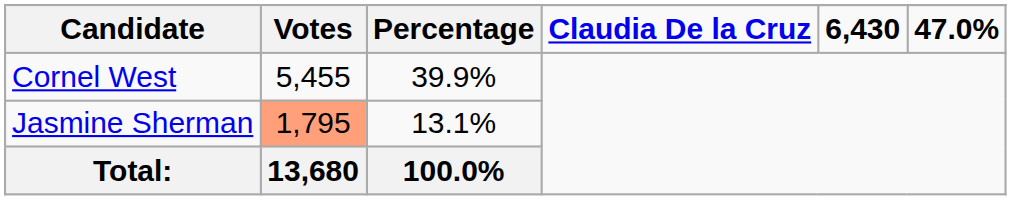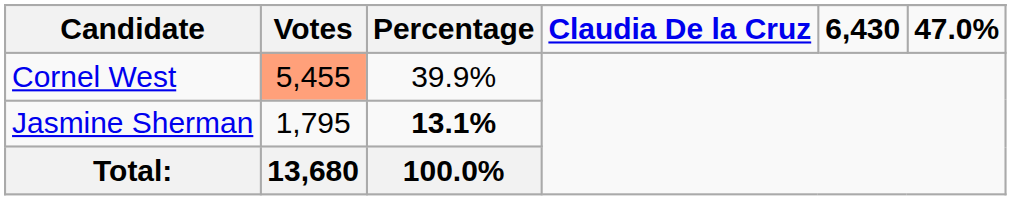 <table class="wikitable sortable tpl-blanktable" style="font-size:90%;text-align:center;">
 <tr>
 <th rowspan="2">Candidate</th>
 <th rowspan="2">Votes</th>
 <th rowspan="2">Percentage</th>
 </tr>
 <tr>
 <td style="text-align:left;"><strong><a href='#'>Claudia De la Cruz</a></strong></td>
 <td><strong>6,430</strong></td>
 <td><strong>47.0%</strong></td>
 </tr>
 <tr>
 <td style="text-align:left;"><a href='#'>Cornel West</a></td>
-<td>5,455</td>
+<td style="background: lightsalmon;">5,455</td>
 <td>39.9%</td>
 </tr>
 <tr>
 <td style="text-align:left;"><a href='#'>Jasmine Sherman</a></td>
-<td style="background: lightsalmon;">1,795</td>
-<td>13.1%</td>
+<td>1,795</td>
+<td><strong>13.1%</strong></td>
 </tr>
 <tr style="background:#eee;">
 <th>Total:</th>
 <th>13,680</th>
 <th>100.0%</th>
 </tr>
 </table>
